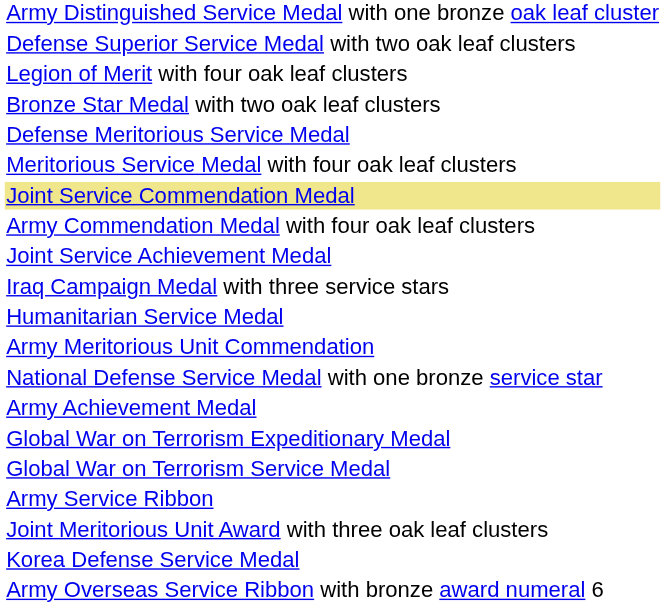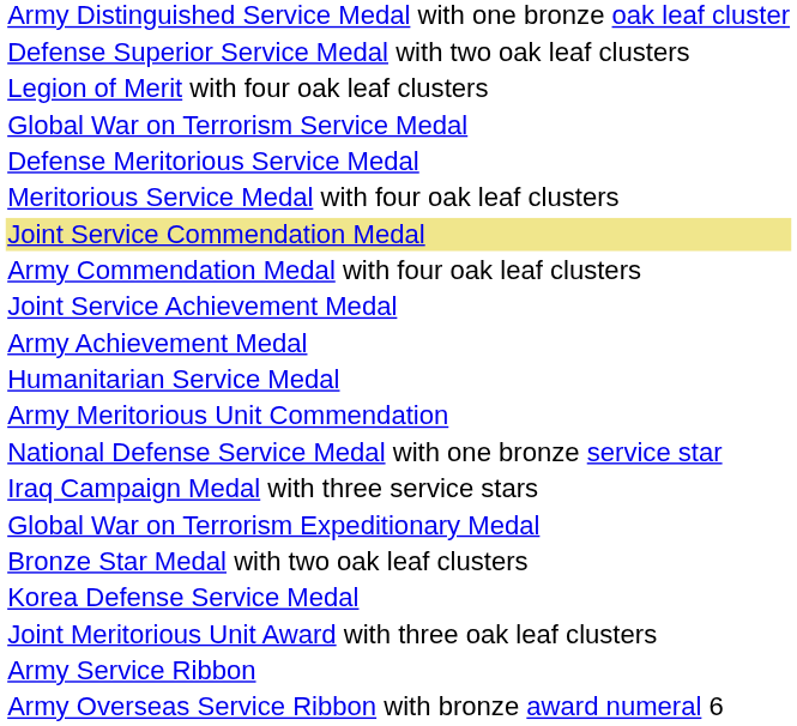 <table>
 <tr>
 <td> <a href='#'>Army Distinguished Service Medal</a> with one bronze <a href='#'>oak leaf cluster</a></td>
 </tr>
 <tr>
 <td><span></span><span></span> <a href='#'>Defense Superior Service Medal</a> with two oak leaf clusters</td>
 </tr>
 <tr>
 <td><span></span><span></span><span></span><span></span> <a href='#'>Legion of Merit</a> with four oak leaf clusters</td>
 </tr>
 <tr>
-<td><span></span><span></span> <a href='#'>Bronze Star Medal</a> with two oak leaf clusters</td>
+<td> <a href='#'>Global War on Terrorism Service Medal</a></td>
 </tr>
 <tr>
 <td> <a href='#'>Defense Meritorious Service Medal</a></td>
 </tr>
 <tr>
 <td><span></span><span></span><span></span><span></span> <a href='#'>Meritorious Service Medal</a> with four oak leaf clusters</td>
 </tr>
 <tr>
 <td style="background: khaki;"> <a href='#'>Joint Service Commendation Medal</a></td>
 </tr>
 <tr>
 <td><span></span><span></span><span></span><span></span> <a href='#'>Army Commendation Medal</a> with four oak leaf clusters</td>
 </tr>
 <tr>
 <td> <a href='#'>Joint Service Achievement Medal</a></td>
 </tr>
 <tr>
-<td><span></span><span></span><span></span> <a href='#'>Iraq Campaign Medal</a> with three service stars</td>
+<td> <a href='#'>Army Achievement Medal</a></td>
 </tr>
 <tr>
 <td> <a href='#'>Humanitarian Service Medal</a></td>
 </tr>
 <tr>
 <td> <a href='#'>Army Meritorious Unit Commendation</a></td>
 </tr>
 <tr>
 <td> <a href='#'>National Defense Service Medal</a> with one bronze <a href='#'>service star</a></td>
 </tr>
 <tr>
-<td> <a href='#'>Army Achievement Medal</a></td>
+<td><span></span><span></span><span></span> <a href='#'>Iraq Campaign Medal</a> with three service stars</td>
 </tr>
 <tr>
 <td> <a href='#'>Global War on Terrorism Expeditionary Medal</a></td>
 </tr>
 <tr>
-<td> <a href='#'>Global War on Terrorism Service Medal</a></td>
+<td><span></span><span></span> <a href='#'>Bronze Star Medal</a> with two oak leaf clusters</td>
+</tr>
+<tr>
+<td> <a href='#'>Korea Defense Service Medal</a></td>
+</tr>
+<tr>
+<td><span></span><span></span><span></span> <a href='#'>Joint Meritorious Unit Award</a> with three oak leaf clusters</td>
 </tr>
 <tr>
 <td> <a href='#'>Army Service Ribbon</a></td>
 </tr>
 <tr>
-<td><span></span><span></span><span></span> <a href='#'>Joint Meritorious Unit Award</a> with three oak leaf clusters</td>
-</tr>
-<tr>
-<td> <a href='#'>Korea Defense Service Medal</a></td>
-</tr>
-<tr>
 <td><span></span> <a href='#'>Army Overseas Service Ribbon</a> with bronze <a href='#'>award numeral</a> 6</td>
 </tr>
 </table>
